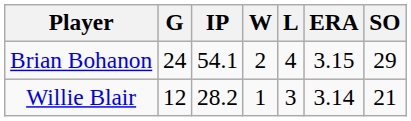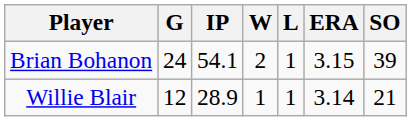 <table class="wikitable sortable">
 <tr>
 <th>Player</th>
 <th>G</th>
 <th>IP</th>
 <th>W</th>
 <th>L</th>
 <th>ERA</th>
 <th>SO</th>
 </tr>
 <tr align="center">
 <td><a href='#'>Brian Bohanon</a></td>
 <td>24</td>
 <td>54.1</td>
 <td>2</td>
-<td>4</td>
+<td>1</td>
 <td>3.15</td>
-<td>29</td>
+<td>39</td>
 </tr>
 <tr align=center>
 <td><a href='#'>Willie Blair</a></td>
 <td>12</td>
-<td>28.2</td>
+<td>28.9</td>
 <td>1</td>
-<td>3</td>
+<td>1</td>
 <td>3.14</td>
 <td>21</td>
 </tr>
 </table>
